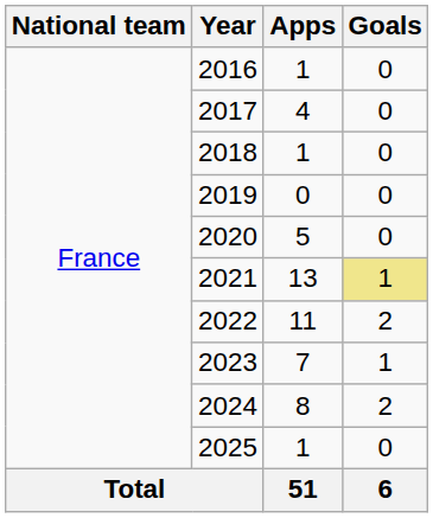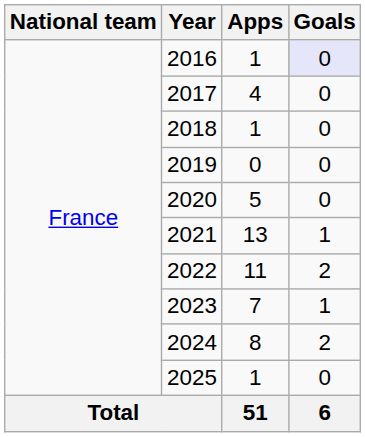 <table class="wikitable" style="text-align: center;">
 <tr>
 <th>National team</th>
 <th>Year</th>
 <th>Apps</th>
 <th>Goals</th>
 </tr>
 <tr>
 <td rowspan="10"><a href='#'>France</a></td>
 <td>2016</td>
 <td>1</td>
-<td>0</td>
+<td style="background: lavender;">0</td>
 </tr>
 <tr>
 <td>2017</td>
 <td>4</td>
 <td>0</td>
 </tr>
 <tr>
 <td>2018</td>
 <td>1</td>
 <td>0</td>
 </tr>
 <tr>
 <td>2019</td>
 <td>0</td>
 <td>0</td>
 </tr>
 <tr>
 <td>2020</td>
 <td>5</td>
 <td>0</td>
 </tr>
 <tr>
 <td>2021</td>
 <td>13</td>
-<td style="background: khaki;">1</td>
+<td>1</td>
 </tr>
 <tr>
 <td>2022</td>
 <td>11</td>
 <td>2</td>
 </tr>
 <tr>
 <td>2023</td>
 <td>7</td>
 <td>1</td>
 </tr>
 <tr>
 <td>2024</td>
 <td>8</td>
 <td>2</td>
 </tr>
 <tr>
 <td>2025</td>
 <td>1</td>
 <td>0</td>
 </tr>
 <tr>
 <th colspan="2">Total</th>
 <th>51</th>
 <th>6</th>
 </tr>
 </table>
